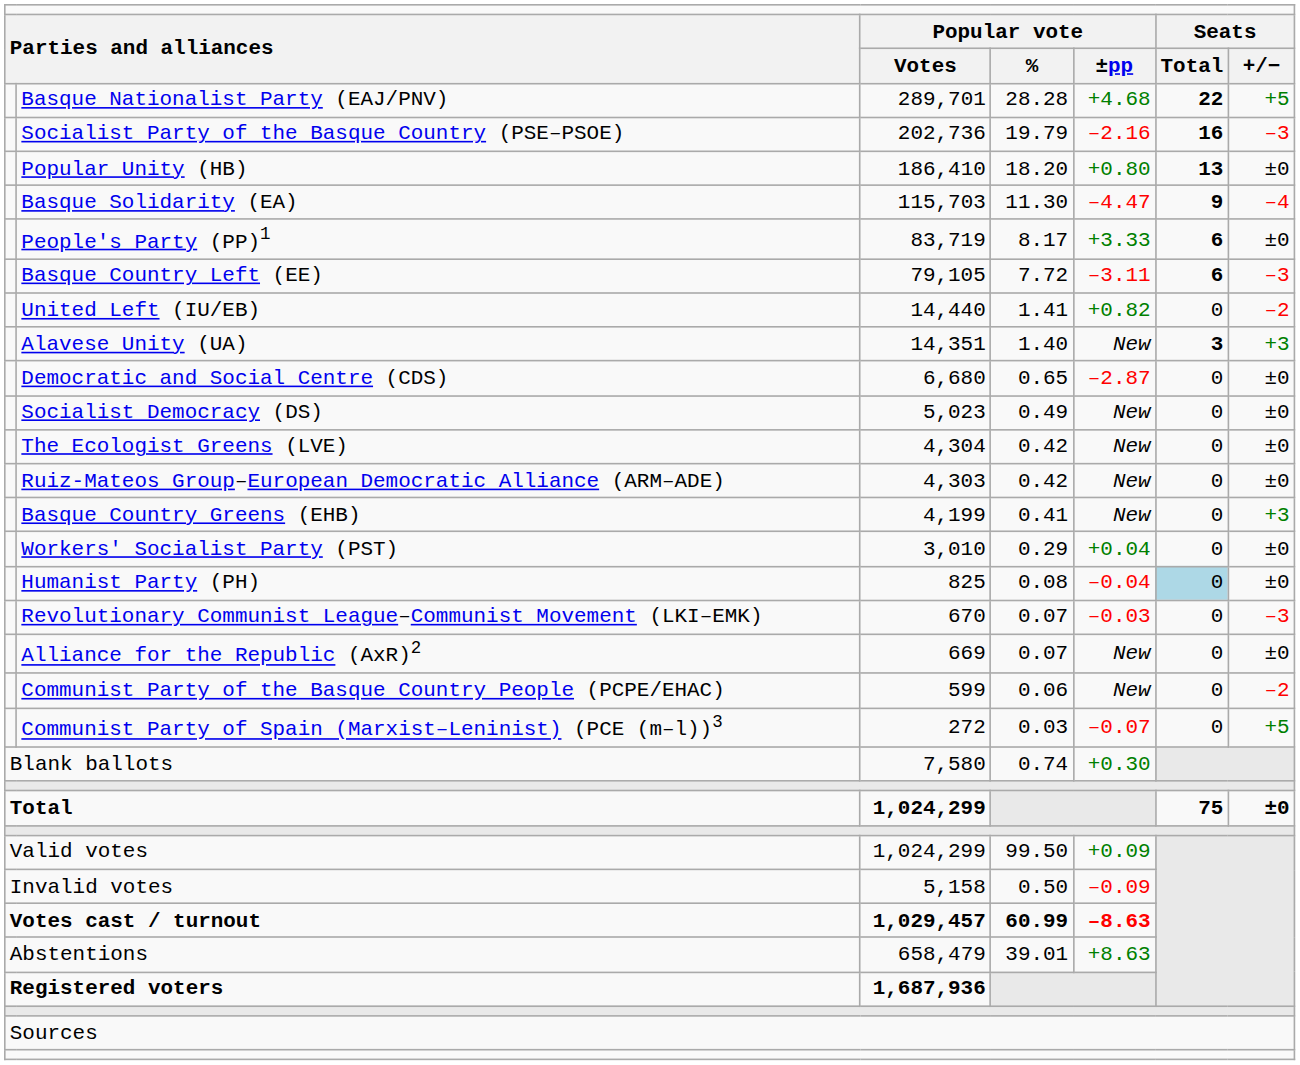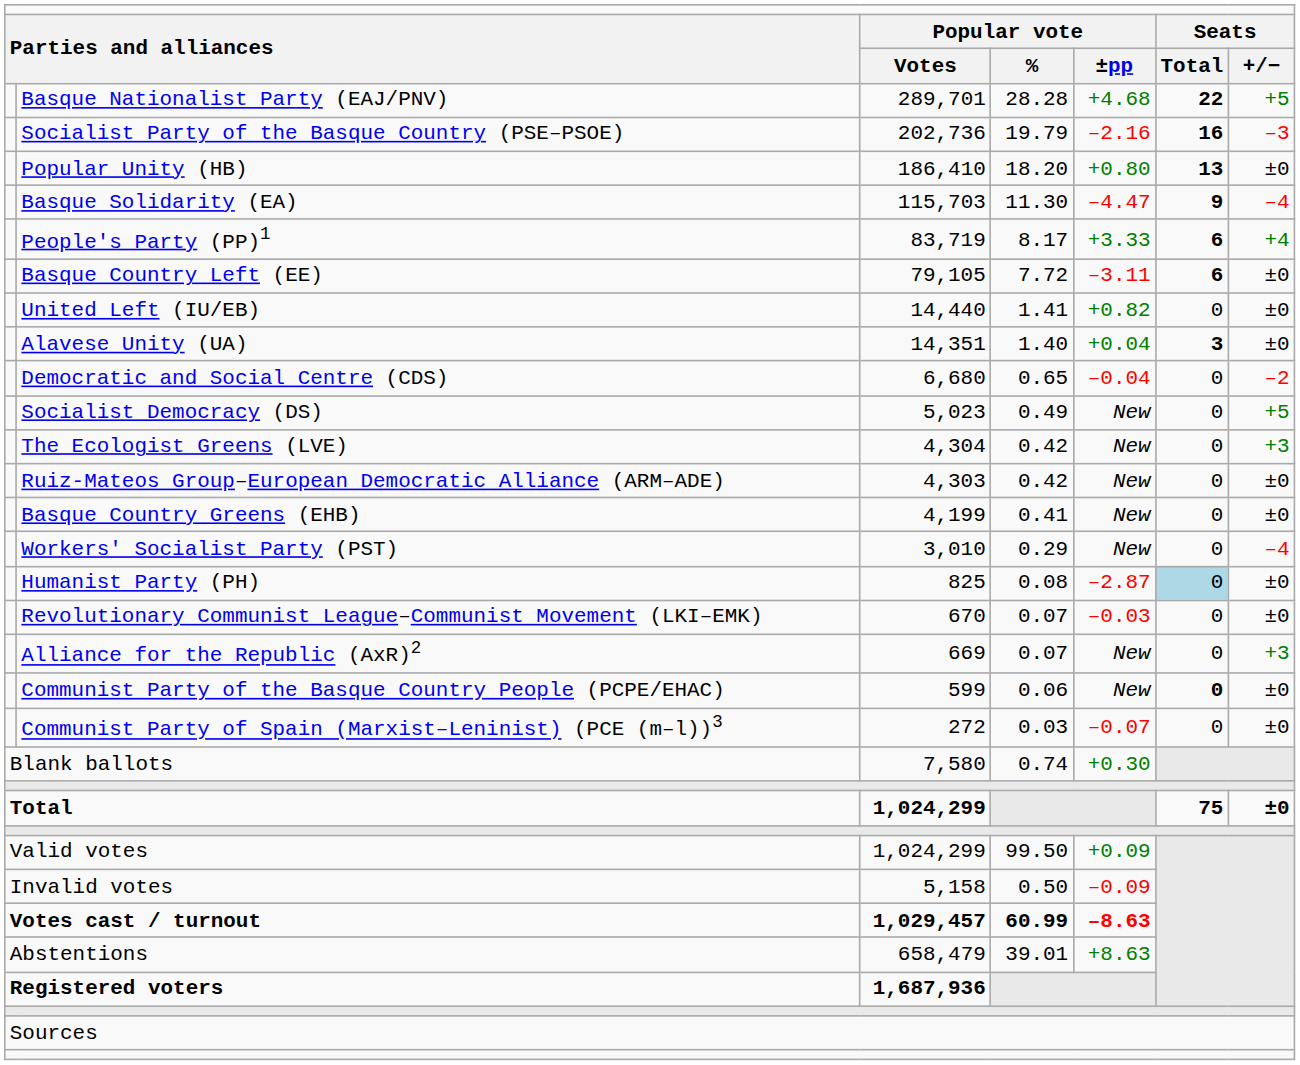 <table class="wikitable" style="text-align:right;">
 <tr>
 <td colspan="7"></td>
 </tr>
 <tr>
 <th style="text-align:left;" rowspan="2" colspan="2" width="525">Parties and alliances</th>
 <th colspan="3">Popular vote</th>
 <th colspan="2">Seats</th>
 </tr>
 <tr>
 <th width="75">Votes</th>
 <th width="45">%</th>
 <th width="45">±<a href='#'>pp</a></th>
 <th width="35">Total</th>
 <th width="35">+/−</th>
 </tr>
 <tr>
 <td width="1" style="color:inherit;background:"></td>
 <td align="left"><a href='#'>Basque Nationalist Party</a> (EAJ/PNV)</td>
 <td>289,701</td>
 <td>28.28</td>
 <td style="color:green;">+4.68</td>
 <td><strong>22</strong></td>
 <td style="color:green;">+5</td>
 </tr>
 <tr>
 <td style="color:inherit;background:"></td>
 <td align="left"><a href='#'>Socialist Party of the Basque Country</a> (PSE–PSOE)</td>
 <td>202,736</td>
 <td>19.79</td>
 <td style="color:red;">–2.16</td>
 <td><strong>16</strong></td>
 <td style="color:red;">–3</td>
 </tr>
 <tr>
 <td style="color:inherit;background:"></td>
 <td align="left"><a href='#'>Popular Unity</a> (HB)</td>
 <td>186,410</td>
 <td>18.20</td>
 <td style="color:green;">+0.80</td>
 <td><strong>13</strong></td>
 <td>±0</td>
 </tr>
 <tr>
 <td style="color:inherit;background:"></td>
 <td align="left"><a href='#'>Basque Solidarity</a> (EA)</td>
 <td>115,703</td>
 <td>11.30</td>
 <td style="color:red;">–4.47</td>
 <td><strong>9</strong></td>
 <td style="color:red;">–4</td>
 </tr>
 <tr>
 <td style="color:inherit;background:"></td>
 <td align="left"><a href='#'>People's Party</a> (PP)<sup>1</sup></td>
 <td>83,719</td>
 <td>8.17</td>
 <td style="color:green;">+3.33</td>
 <td><strong>6</strong></td>
-<td>±0</td>
+<td style="color:green;">+4</td>
 </tr>
 <tr>
 <td style="color:inherit;background:"></td>
 <td align="left"><a href='#'>Basque Country Left</a> (EE)</td>
 <td>79,105</td>
 <td>7.72</td>
 <td style="color:red;">–3.11</td>
 <td><strong>6</strong></td>
-<td style="color:red;">–3</td>
+<td>±0</td>
 </tr>
 <tr>
 <td style="color:inherit;background:"></td>
 <td align="left"><a href='#'>United Left</a> (IU/EB)</td>
 <td>14,440</td>
 <td>1.41</td>
 <td style="color:green;">+0.82</td>
 <td>0</td>
-<td style="color:red;">–2</td>
+<td>±0</td>
 </tr>
 <tr>
 <td style="color:inherit;background:"></td>
 <td align="left"><a href='#'>Alavese Unity</a> (UA)</td>
 <td>14,351</td>
 <td>1.40</td>
-<td><em>New</em></td>
+<td style="color:green;">+0.04</td>
 <td><strong>3</strong></td>
-<td style="color:green;">+3</td>
+<td>±0</td>
 </tr>
 <tr>
 <td style="color:inherit;background:"></td>
 <td align="left"><a href='#'>Democratic and Social Centre</a> (CDS)</td>
 <td>6,680</td>
 <td>0.65</td>
-<td style="color:red;">–2.87</td>
+<td style="color:red;">–0.04</td>
 <td>0</td>
-<td>±0</td>
+<td style="color:red;">–2</td>
 </tr>
 <tr>
 <td style="color:inherit;background:"></td>
 <td align="left"><a href='#'>Socialist Democracy</a> (DS)</td>
 <td>5,023</td>
 <td>0.49</td>
 <td><em>New</em></td>
 <td>0</td>
-<td>±0</td>
+<td style="color:green;">+5</td>
 </tr>
 <tr>
 <td style="color:inherit;background:"></td>
 <td align="left"><a href='#'>The Ecologist Greens</a> (LVE)</td>
 <td>4,304</td>
 <td>0.42</td>
 <td><em>New</em></td>
 <td>0</td>
-<td>±0</td>
+<td style="color:green;">+3</td>
 </tr>
 <tr>
 <td style="color:inherit;background:"></td>
 <td align="left"><a href='#'>Ruiz-Mateos Group</a>–<a href='#'>European Democratic Alliance</a> (ARM–ADE)</td>
 <td>4,303</td>
 <td>0.42</td>
 <td><em>New</em></td>
 <td>0</td>
 <td>±0</td>
 </tr>
 <tr>
 <td style="color:inherit;background:"></td>
 <td align="left"><a href='#'>Basque Country Greens</a> (EHB)</td>
 <td>4,199</td>
 <td>0.41</td>
 <td><em>New</em></td>
 <td>0</td>
-<td style="color:green;">+3</td>
+<td>±0</td>
 </tr>
 <tr>
 <td style="color:inherit;background:"></td>
 <td align="left"><a href='#'>Workers' Socialist Party</a> (PST)</td>
 <td>3,010</td>
 <td>0.29</td>
-<td style="color:green;">+0.04</td>
+<td><em>New</em></td>
 <td>0</td>
-<td>±0</td>
+<td style="color:red;">–4</td>
 </tr>
 <tr>
 <td style="color:inherit;background:"></td>
 <td align="left"><a href='#'>Humanist Party</a> (PH)</td>
 <td>825</td>
 <td>0.08</td>
-<td style="color:red;">–0.04</td>
+<td style="color:red;">–2.87</td>
 <td style="background: lightblue;">0</td>
 <td>±0</td>
 </tr>
 <tr>
 <td style="color:inherit;background:"></td>
 <td align="left"><a href='#'>Revolutionary Communist League</a>–<a href='#'>Communist Movement</a> (LKI–EMK)</td>
 <td>670</td>
 <td>0.07</td>
 <td style="color:red;">–0.03</td>
 <td>0</td>
-<td style="color:red;">–3</td>
+<td>±0</td>
 </tr>
 <tr>
 <td style="color:inherit;background:"></td>
 <td align="left"><a href='#'>Alliance for the Republic</a> (AxR)<sup>2</sup></td>
 <td>669</td>
 <td>0.07</td>
 <td><em>New</em></td>
 <td>0</td>
-<td>±0</td>
+<td style="color:green;">+3</td>
 </tr>
 <tr>
 <td style="color:inherit;background:"></td>
 <td align="left"><a href='#'>Communist Party of the Basque Country People</a> (PCPE/EHAC)</td>
 <td>599</td>
 <td>0.06</td>
 <td><em>New</em></td>
-<td>0</td>
-<td style="color:red;">–2</td>
+<td><strong>0</strong></td>
+<td>±0</td>
 </tr>
 <tr>
 <td style="color:inherit;background:"></td>
 <td align="left"><a href='#'>Communist Party of Spain (Marxist–Leninist)</a> (PCE (m–l))<sup>3</sup></td>
 <td>272</td>
 <td>0.03</td>
 <td style="color:red;">–0.07</td>
 <td>0</td>
-<td style="color:green;">+5</td>
+<td>±0</td>
 </tr>
 <tr>
 <td align="left" colspan="2">Blank ballots</td>
 <td>7,580</td>
 <td>0.74</td>
 <td style="color:green;">+0.30</td>
 <td bgcolor="#E9E9E9" colspan="2"></td>
 </tr>
 <tr>
 <td colspan="7" bgcolor="#E9E9E9"></td>
 </tr>
 <tr style="font-weight:bold;">
 <td align="left" colspan="2">Total</td>
 <td>1,024,299</td>
 <td bgcolor="#E9E9E9" colspan="2"></td>
 <td>75</td>
 <td>±0</td>
 </tr>
 <tr>
 <td colspan="7" bgcolor="#E9E9E9"></td>
 </tr>
 <tr>
 <td align="left" colspan="2">Valid votes</td>
 <td>1,024,299</td>
 <td>99.50</td>
 <td style="color:green;">+0.09</td>
 <td bgcolor="#E9E9E9" colspan="2" rowspan="5"></td>
 </tr>
 <tr>
 <td align="left" colspan="2">Invalid votes</td>
 <td>5,158</td>
 <td>0.50</td>
 <td style="color:red;">–0.09</td>
 </tr>
 <tr style="font-weight:bold;">
 <td align="left" colspan="2">Votes cast / turnout</td>
 <td>1,029,457</td>
 <td>60.99</td>
 <td style="color:red;">–8.63</td>
 </tr>
 <tr>
 <td align="left" colspan="2">Abstentions</td>
 <td>658,479</td>
 <td>39.01</td>
 <td style="color:green;">+8.63</td>
 </tr>
 <tr style="font-weight:bold;">
 <td align="left" colspan="2">Registered voters</td>
 <td>1,687,936</td>
 <td bgcolor="#E9E9E9" colspan="2"></td>
 </tr>
 <tr>
 <td colspan="7" bgcolor="#E9E9E9"></td>
 </tr>
 <tr>
 <td align="left" colspan="7">Sources</td>
 </tr>
 <tr>
 <td colspan="7" style="text-align:left; max-width:790px;"></td>
 </tr>
 </table>
